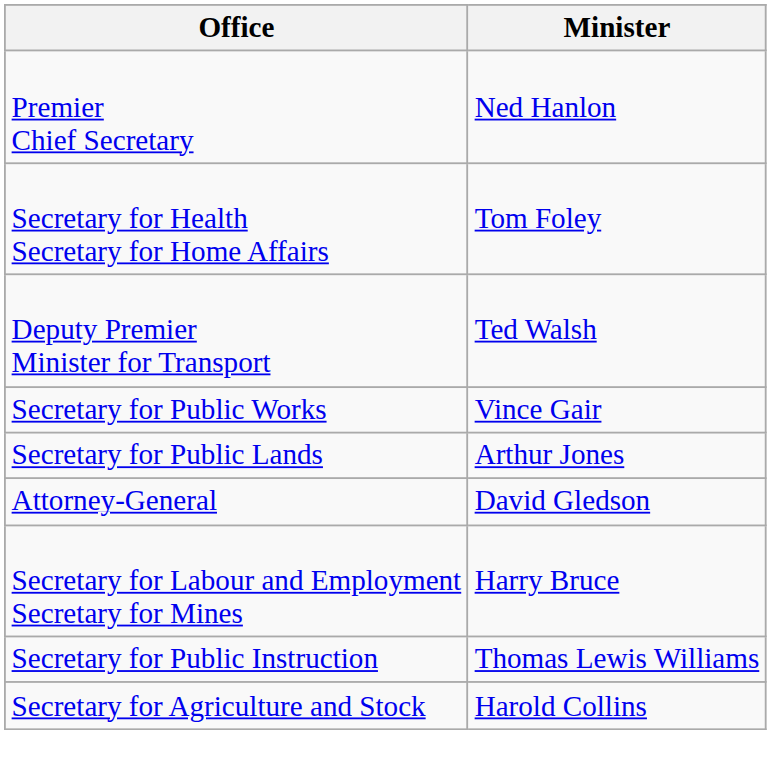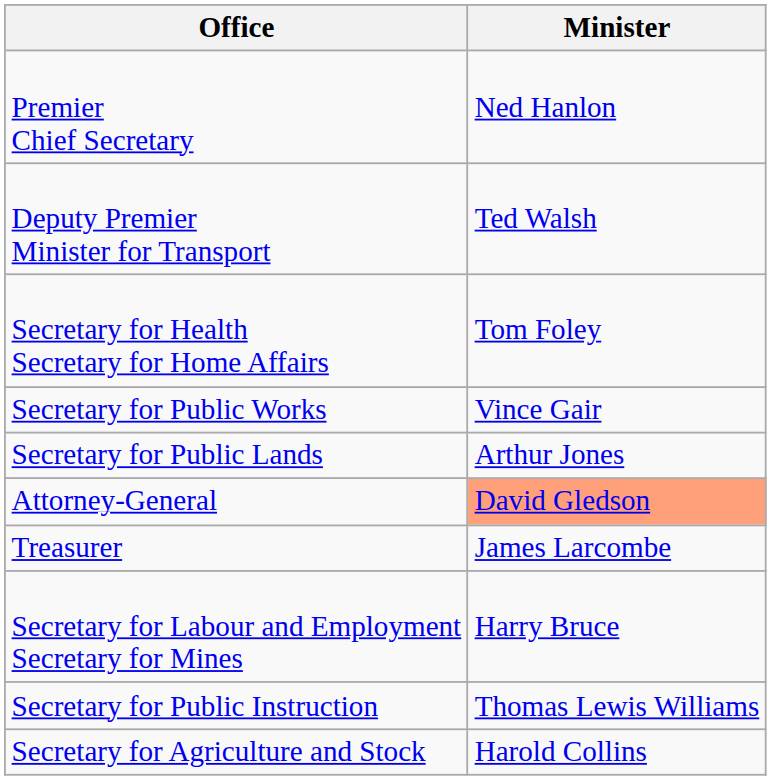 <table class="wikitable">
 <tr>
 <th>Office</th>
 <th>Minister</th>
 </tr>
 <tr>
 <td><br><a href='#'>Premier</a><br> <a href='#'>Chief Secretary</a><br></td>
 <td><a href='#'>Ned Hanlon</a></td>
 </tr>
 <tr>
+<td><br><a href='#'>Deputy Premier</a><br> <a href='#'>Minister for Transport</a></td>
+<td><a href='#'>Ted Walsh</a></td>
+</tr>
+<tr>
 <td><br><a href='#'>Secretary for Health</a><br> <a href='#'>Secretary for Home Affairs</a></td>
 <td><a href='#'>Tom Foley</a></td>
-</tr>
-<tr>
-<td><br><a href='#'>Deputy Premier</a><br> <a href='#'>Minister for Transport</a></td>
-<td><a href='#'>Ted Walsh</a></td>
 </tr>
 <tr>
 <td><a href='#'>Secretary for Public Works</a></td>
 <td><a href='#'>Vince Gair</a></td>
 </tr>
 <tr>
 <td><a href='#'>Secretary for Public Lands</a></td>
 <td><a href='#'>Arthur Jones</a></td>
 </tr>
 <tr>
 <td><a href='#'>Attorney-General</a></td>
-<td><a href='#'>David Gledson</a></td>
+<td style="background: lightsalmon;"><a href='#'>David Gledson</a></td>
+</tr>
+<tr>
+<td><a href='#'>Treasurer</a></td>
+<td><a href='#'>James Larcombe</a></td>
 </tr>
 <tr>
 <td><br><a href='#'>Secretary for Labour and Employment</a><br> <a href='#'>Secretary for Mines</a></td>
 <td><a href='#'>Harry Bruce</a></td>
 </tr>
 <tr>
 <td><a href='#'>Secretary for Public Instruction</a></td>
 <td><a href='#'>Thomas Lewis Williams</a></td>
 </tr>
 <tr>
 <td><a href='#'>Secretary for Agriculture and Stock</a></td>
 <td><a href='#'>Harold Collins</a></td>
 </tr>
 </table>
